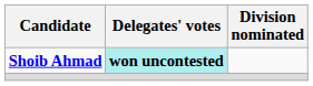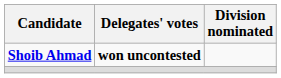 <table class=wikitable>
 <tr>
 <th>Candidate</th>
 <th>Delegates' votes</th>
 <th>Division<br>nominated</th>
 </tr>
 <tr>
 <td><strong><a href='#'>Shoib Ahmad</a></strong></td>
-<td align=center style="background: paleturquoise;"><strong>won uncontested</strong></td>
+<td align=center><strong>won uncontested</strong></td>
 <td align=center><strong></strong></td>
 </tr>
 <tr>
 <td colspan=3 bgcolor=dcdcdc></td>
 </tr>
 </table>
